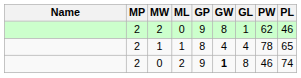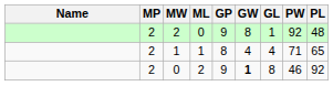 <table class=wikitable style="text-align:center">
 <tr>
 <th width=175>Name</th>
 <th width=20>MP</th>
 <th width=20>MW</th>
 <th width=20>ML</th>
 <th width=20>GP</th>
 <th width=20>GW</th>
 <th width=20>GL</th>
 <th width=20>PW</th>
 <th width=20>PL</th>
 </tr>
 <tr style="background-color:#ccffcc;">
 <td style="text-align:left;"><strong></strong></td>
 <td>2</td>
 <td>2</td>
 <td>0</td>
 <td>9</td>
 <td>8</td>
 <td>1</td>
-<td>62</td>
-<td>46</td>
+<td>92</td>
+<td>48</td>
 </tr>
 <tr>
 <td style="text-align:left;"></td>
 <td>2</td>
 <td>1</td>
 <td>1</td>
 <td>8</td>
 <td>4</td>
 <td>4</td>
-<td>78</td>
+<td>71</td>
 <td>65</td>
 </tr>
 <tr>
 <td style="text-align:left;"></td>
 <td>2</td>
 <td>0</td>
 <td>2</td>
 <td>9</td>
 <td><strong>1</strong></td>
 <td>8</td>
 <td>46</td>
-<td>74</td>
+<td>92</td>
 </tr>
 </table>
